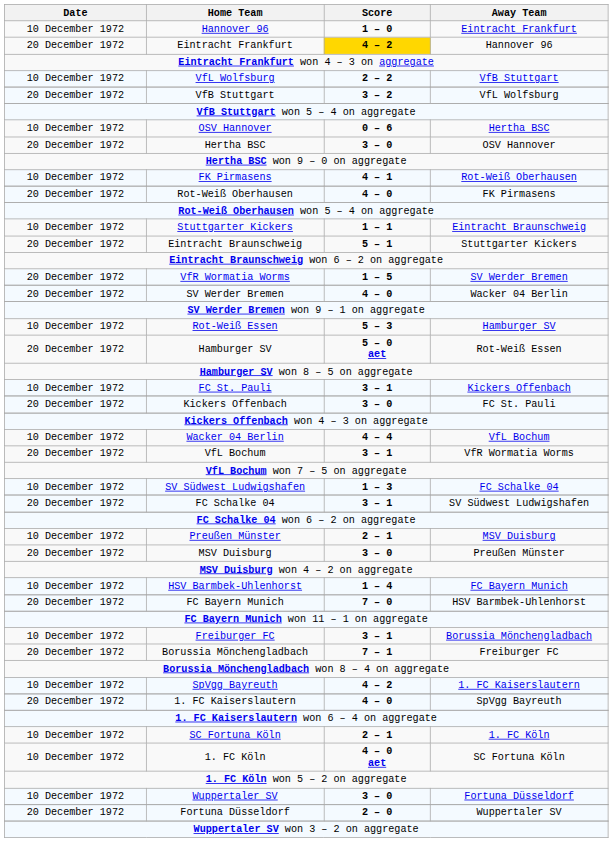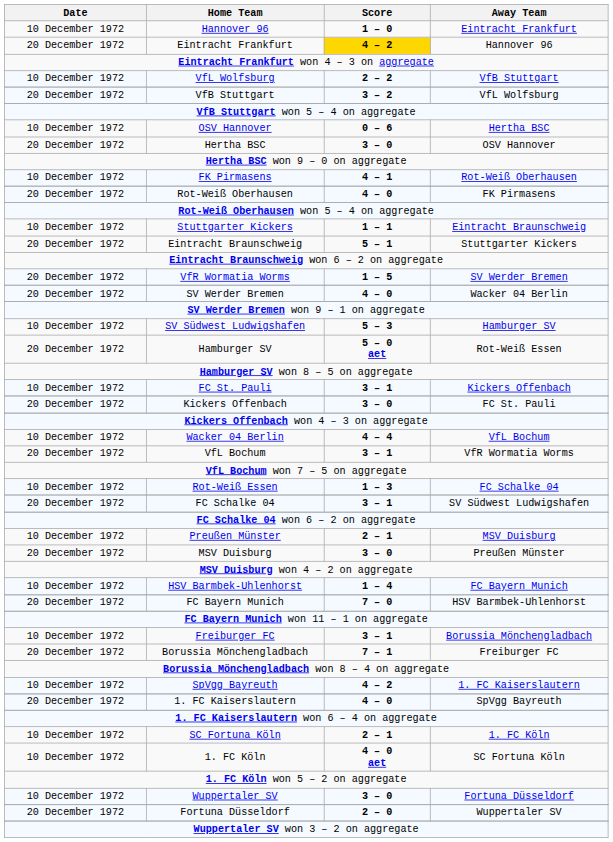 <table class="wikitable" style="text-align: center;">
 <tr>
 <th width=20%>Date</th>
 <th width=25%>Home Team</th>
 <th width=15%>Score</th>
 <th width=25%>Away Team</th>
 </tr>
 <tr>
 <td>10 December 1972</td>
 <td><a href='#'>Hannover 96</a></td>
 <td><strong>1 – 0</strong></td>
 <td><a href='#'>Eintracht Frankfurt</a></td>
 </tr>
 <tr>
 <td>20 December 1972</td>
 <td>Eintracht Frankfurt</td>
 <td style="background: gold;"><strong>4 – 2</strong></td>
 <td>Hannover 96</td>
 </tr>
 <tr>
 <td colspan=4><strong><a href='#'>Eintracht Frankfurt</a></strong> won 4 – 3 on <a href='#'>aggregate</a></td>
 </tr>
 <tr style="background: #F4FAFF;">
 <td>10 December 1972</td>
 <td><a href='#'>VfL Wolfsburg</a></td>
 <td><strong>2 – 2</strong></td>
 <td><a href='#'>VfB Stuttgart</a></td>
 </tr>
 <tr>
 </tr>
 <tr style="background: #F4FAFF;">
 <td>20 December 1972</td>
 <td>VfB Stuttgart</td>
 <td><strong>3 – 2</strong></td>
 <td>VfL Wolfsburg</td>
 </tr>
 <tr>
 </tr>
 <tr style="background: #F4FAFF;">
 <td colspan=4><strong><a href='#'>VfB Stuttgart</a></strong> won 5 – 4 on aggregate</td>
 </tr>
 <tr>
 <td>10 December 1972</td>
 <td><a href='#'>OSV Hannover</a></td>
 <td><strong>0 – 6</strong></td>
 <td><a href='#'>Hertha BSC</a></td>
 </tr>
 <tr>
 <td>20 December 1972</td>
 <td>Hertha BSC</td>
 <td><strong>3 – 0</strong></td>
 <td>OSV Hannover</td>
 </tr>
 <tr>
 <td colspan=4><strong><a href='#'>Hertha BSC</a></strong> won 9 – 0 on aggregate</td>
 </tr>
 <tr style="background: #F4FAFF;">
 <td>10 December 1972</td>
 <td><a href='#'>FK Pirmasens</a></td>
 <td><strong>4 – 1</strong></td>
 <td><a href='#'>Rot-Weiß Oberhausen</a></td>
 </tr>
 <tr>
 </tr>
 <tr style="background: #F4FAFF;">
 <td>20 December 1972</td>
 <td>Rot-Weiß Oberhausen</td>
 <td><strong>4 – 0<br></strong></td>
 <td>FK Pirmasens</td>
 </tr>
 <tr>
 </tr>
 <tr style="background: #F4FAFF;">
 <td colspan=4><strong><a href='#'>Rot-Weiß Oberhausen</a></strong> won 5 – 4 on aggregate</td>
 </tr>
 <tr>
 <td>10 December 1972</td>
 <td><a href='#'>Stuttgarter Kickers</a></td>
 <td><strong>1 – 1</strong></td>
 <td><a href='#'>Eintracht Braunschweig</a></td>
 </tr>
 <tr>
 <td>20 December 1972</td>
 <td>Eintracht Braunschweig</td>
 <td><strong>5 – 1<br></strong></td>
 <td>Stuttgarter Kickers</td>
 </tr>
 <tr>
 <td colspan=4><strong><a href='#'>Eintracht Braunschweig</a></strong> won 6 – 2 on aggregate</td>
 </tr>
 <tr style="background: #F4FAFF;">
 <td>20 December 1972</td>
 <td><a href='#'>VfR Wormatia Worms</a></td>
 <td><strong>1 – 5</strong></td>
 <td><a href='#'>SV Werder Bremen</a></td>
 </tr>
 <tr>
 </tr>
 <tr style="background: #F4FAFF;">
 <td>20 December 1972</td>
 <td>SV Werder Bremen</td>
 <td><strong>4 – 0<br></strong></td>
 <td>Wacker 04 Berlin</td>
 </tr>
 <tr>
 </tr>
 <tr style="background: #F4FAFF;">
 <td colspan=4><strong><a href='#'>SV Werder Bremen</a></strong> won 9 – 1 on aggregate</td>
 </tr>
 <tr>
 <td>10 December 1972</td>
-<td><a href='#'>Rot-Weiß Essen</a></td>
+<td><a href='#'>SV Südwest Ludwigshafen</a></td>
 <td><strong>5 – 3</strong></td>
 <td><a href='#'>Hamburger SV</a></td>
 </tr>
 <tr>
 <td>20 December 1972</td>
 <td>Hamburger SV</td>
 <td><strong>5 – 0<br><a href='#'>aet</a></strong></td>
 <td>Rot-Weiß Essen</td>
 </tr>
 <tr>
 <td colspan=4><strong><a href='#'>Hamburger SV</a></strong> won 8 – 5 on aggregate</td>
 </tr>
 <tr style="background: #F4FAFF;">
 <td>10 December 1972</td>
 <td><a href='#'>FC St. Pauli</a></td>
 <td><strong>3 – 1</strong></td>
 <td><a href='#'>Kickers Offenbach</a></td>
 </tr>
 <tr>
 </tr>
 <tr style="background: #F4FAFF;">
 <td>20 December 1972</td>
 <td>Kickers Offenbach</td>
 <td><strong>3 – 0<br></strong></td>
 <td>FC St. Pauli</td>
 </tr>
 <tr>
 </tr>
 <tr style="background: #F4FAFF;">
 <td colspan=4><strong><a href='#'>Kickers Offenbach</a></strong> won 4 – 3 on aggregate</td>
 </tr>
 <tr>
 <td>10 December 1972</td>
 <td><a href='#'>Wacker 04 Berlin</a></td>
 <td><strong>4 – 4</strong></td>
 <td><a href='#'>VfL Bochum</a></td>
 </tr>
 <tr>
 <td>20 December 1972</td>
 <td>VfL Bochum</td>
 <td><strong>3 – 1<br></strong></td>
 <td>VfR Wormatia Worms</td>
 </tr>
 <tr>
 <td colspan=4><strong><a href='#'>VfL Bochum</a></strong> won 7 – 5 on aggregate</td>
 </tr>
 <tr style="background: #F4FAFF;">
 <td>10 December 1972</td>
-<td><a href='#'>SV Südwest Ludwigshafen</a></td>
+<td><a href='#'>Rot-Weiß Essen</a></td>
 <td><strong>1 – 3</strong></td>
 <td><a href='#'>FC Schalke 04</a></td>
 </tr>
 <tr>
 </tr>
 <tr style="background: #F4FAFF;">
 <td>20 December 1972</td>
 <td>FC Schalke 04</td>
 <td><strong>3 – 1<br></strong></td>
 <td>SV Südwest Ludwigshafen</td>
 </tr>
 <tr>
 </tr>
 <tr style="background: #F4FAFF;">
 <td colspan=4><strong><a href='#'>FC Schalke 04</a></strong> won 6 – 2 on aggregate</td>
 </tr>
 <tr>
 <td>10 December 1972</td>
 <td><a href='#'>Preußen Münster</a></td>
 <td><strong>2 – 1</strong></td>
 <td><a href='#'>MSV Duisburg</a></td>
 </tr>
 <tr>
 <td>20 December 1972</td>
 <td>MSV Duisburg</td>
 <td><strong>3 – 0<br></strong></td>
 <td>Preußen Münster</td>
 </tr>
 <tr>
 <td colspan=4><strong><a href='#'>MSV Duisburg</a></strong> won 4 – 2 on aggregate</td>
 </tr>
 <tr style="background: #F4FAFF;">
 <td>10 December 1972</td>
 <td><a href='#'>HSV Barmbek-Uhlenhorst</a></td>
 <td><strong>1 – 4</strong></td>
 <td><a href='#'>FC Bayern Munich</a></td>
 </tr>
 <tr>
 </tr>
 <tr style="background: #F4FAFF;">
 <td>20 December 1972</td>
 <td>FC Bayern Munich</td>
 <td><strong>7 – 0</strong></td>
 <td>HSV Barmbek-Uhlenhorst</td>
 </tr>
 <tr>
 </tr>
 <tr style="background: #F4FAFF;">
 <td colspan=4><strong><a href='#'>FC Bayern Munich</a></strong> won 11 – 1 on aggregate</td>
 </tr>
 <tr>
 <td>10 December 1972</td>
 <td><a href='#'>Freiburger FC</a></td>
 <td><strong>3 – 1</strong></td>
 <td><a href='#'>Borussia Mönchengladbach</a></td>
 </tr>
 <tr>
 <td>20 December 1972</td>
 <td>Borussia Mönchengladbach</td>
 <td><strong>7 – 1<br></strong></td>
 <td>Freiburger FC</td>
 </tr>
 <tr>
 <td colspan=4><strong><a href='#'>Borussia Mönchengladbach</a></strong> won 8 – 4 on aggregate</td>
 </tr>
 <tr style="background: #F4FAFF;">
 <td>10 December 1972</td>
 <td><a href='#'>SpVgg Bayreuth</a></td>
 <td><strong>4 – 2</strong></td>
 <td><a href='#'>1. FC Kaiserslautern</a></td>
 </tr>
 <tr>
 </tr>
 <tr style="background: #F4FAFF;">
 <td>20 December 1972</td>
 <td>1. FC Kaiserslautern</td>
 <td><strong>4 – 0<br></strong></td>
 <td>SpVgg Bayreuth</td>
 </tr>
 <tr>
 </tr>
 <tr style="background: #F4FAFF;">
 <td colspan=4><strong><a href='#'>1. FC Kaiserslautern</a></strong> won 6 – 4 on aggregate</td>
 </tr>
 <tr>
 <td>10 December 1972</td>
 <td><a href='#'>SC Fortuna Köln</a></td>
 <td><strong>2 – 1</strong></td>
 <td><a href='#'>1. FC Köln</a></td>
 </tr>
 <tr>
 <td>10 December 1972</td>
 <td>1. FC Köln</td>
 <td><strong>4 – 0<br><a href='#'>aet</a></strong></td>
 <td>SC Fortuna Köln</td>
 </tr>
 <tr>
 <td colspan=4><strong><a href='#'>1. FC Köln</a></strong> won 5 – 2 on aggregate</td>
 </tr>
 <tr style="background: #F4FAFF;">
 <td>10 December 1972</td>
 <td><a href='#'>Wuppertaler SV</a></td>
 <td><strong>3 – 0</strong></td>
 <td><a href='#'>Fortuna Düsseldorf</a></td>
 </tr>
 <tr>
 </tr>
 <tr style="background: #F4FAFF;">
 <td>20 December 1972</td>
 <td>Fortuna Düsseldorf</td>
 <td><strong>2 – 0</strong></td>
 <td>Wuppertaler SV</td>
 </tr>
 <tr>
 </tr>
 <tr style="background: #F4FAFF;">
 <td colspan=4><strong><a href='#'>Wuppertaler SV</a></strong> won 3 – 2 on aggregate</td>
 </tr>
 </table>
